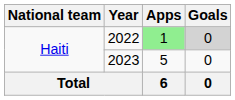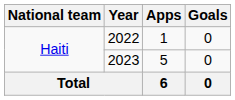 <table class="wikitable" style="text-align:center">
 <tr>
 <th>National team</th>
 <th>Year</th>
 <th>Apps</th>
 <th>Goals</th>
 </tr>
 <tr>
 <td rowspan=2><a href='#'>Haiti</a></td>
 <td>2022</td>
-<td style="background: lightgreen;">1</td>
-<td style="background: lightgrey;">0</td>
+<td>1</td>
+<td>0</td>
 </tr>
 <tr>
 <td>2023</td>
 <td>5</td>
 <td>0</td>
 </tr>
 <tr>
 <th colspan=2>Total</th>
 <th>6</th>
 <th>0</th>
 </tr>
 </table>
